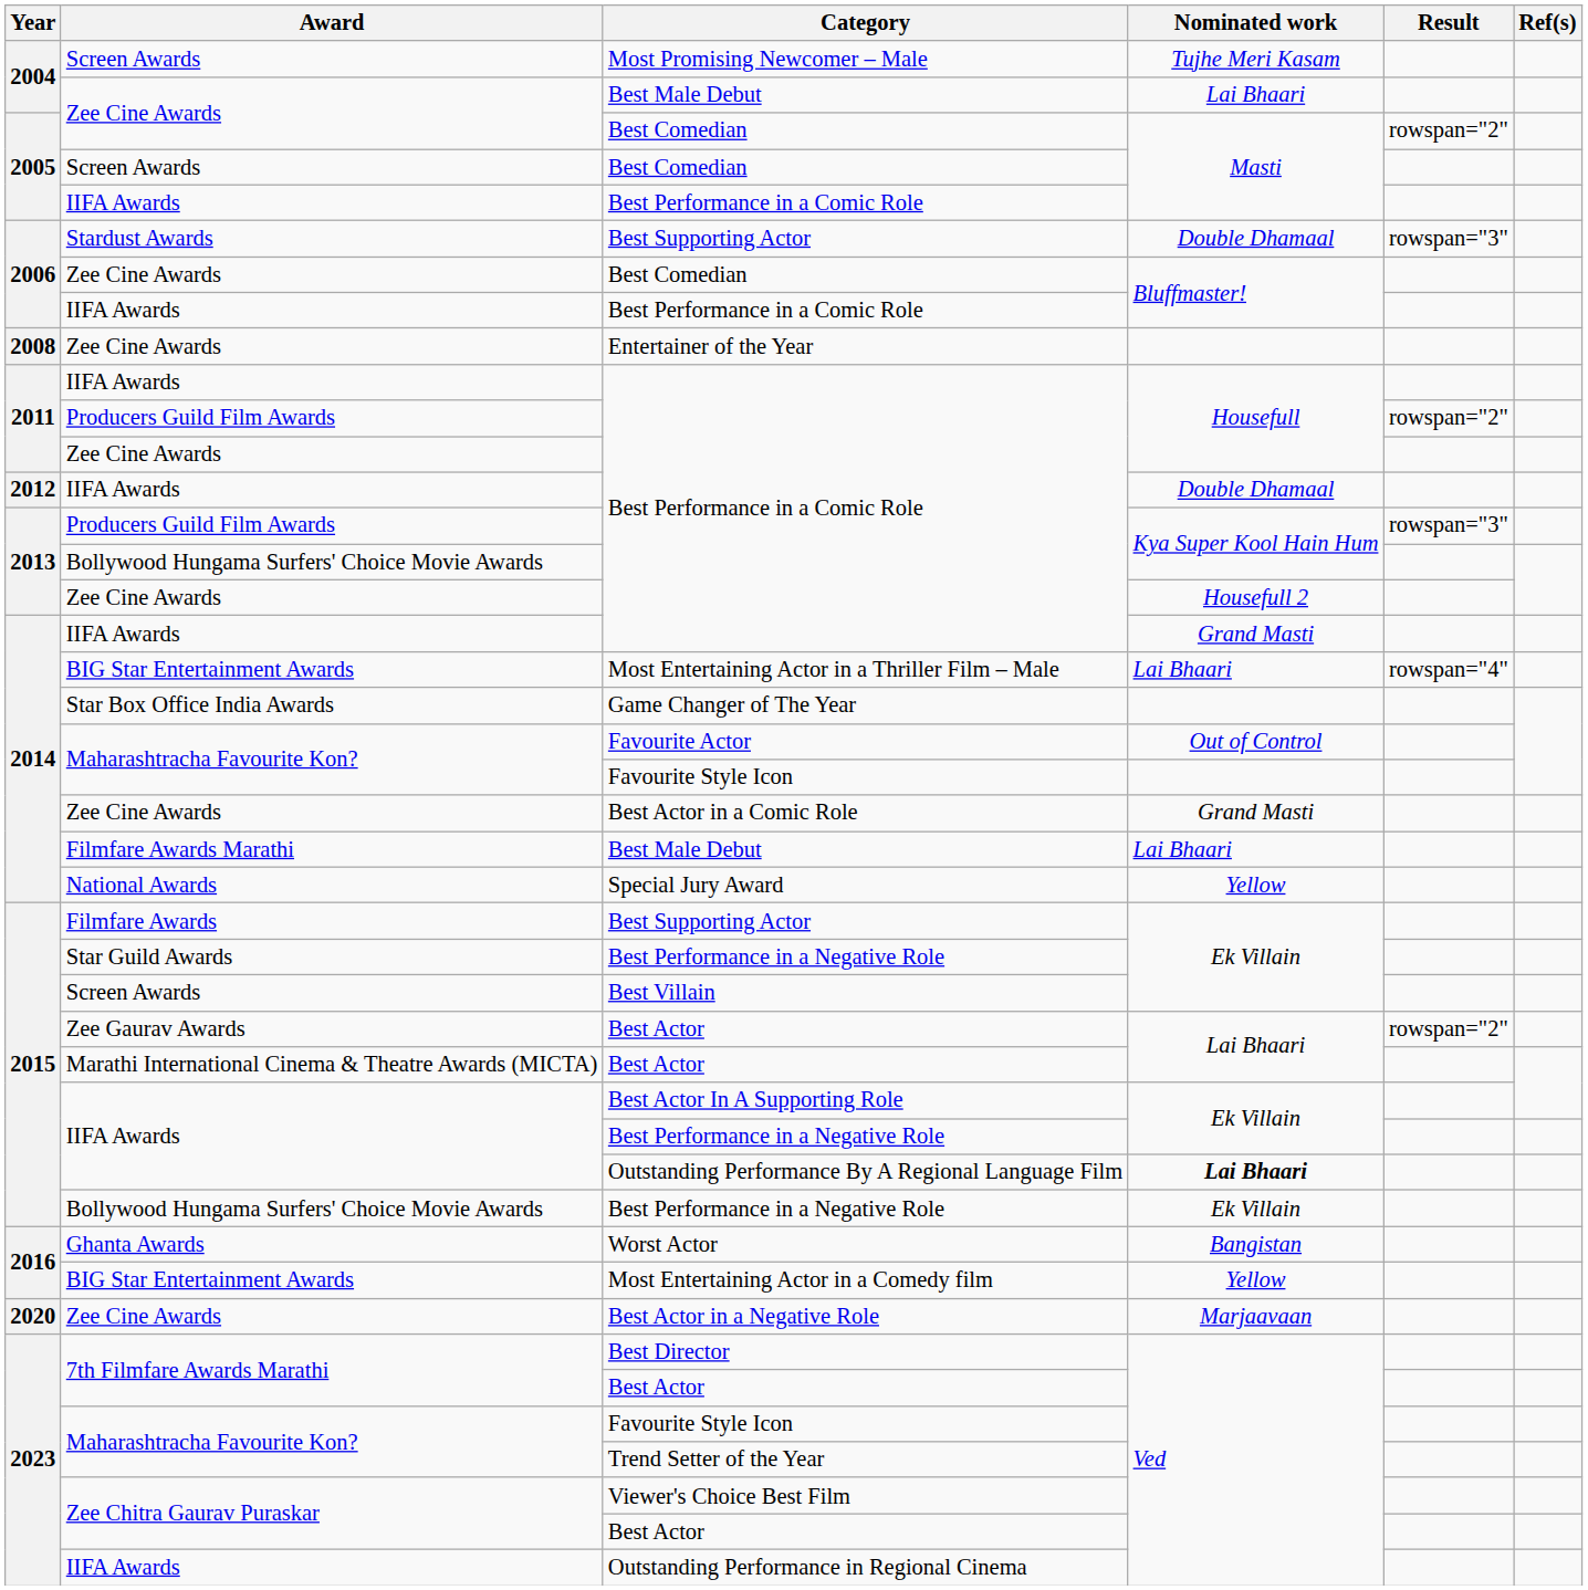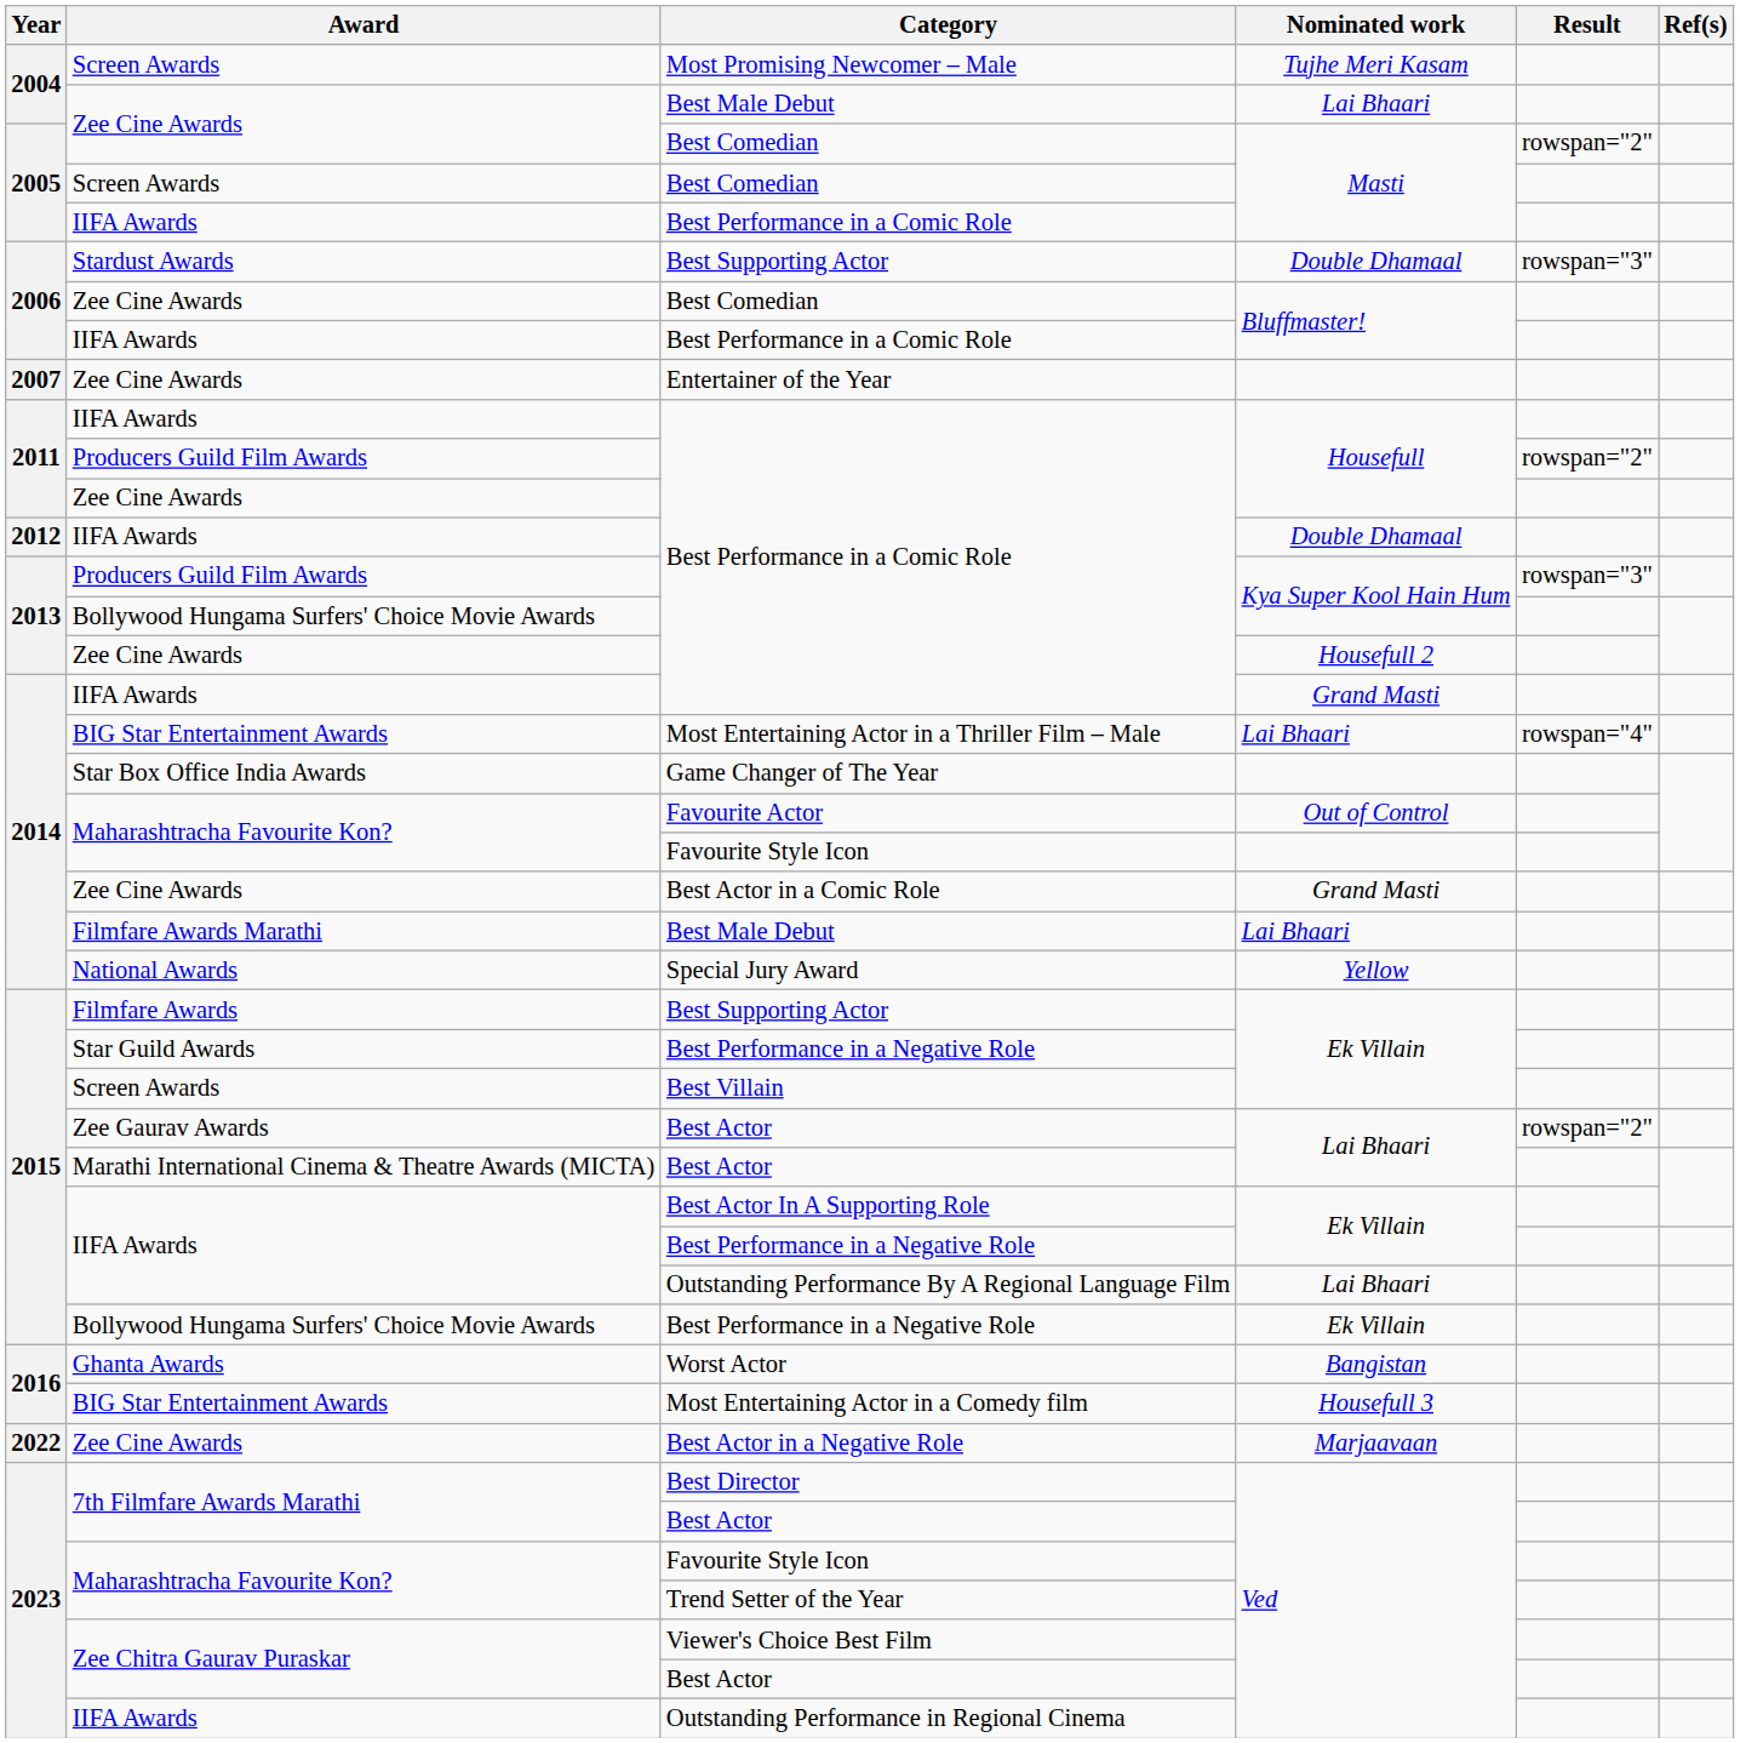 <table class="wikitable">
 <tr>
 <th>Year</th>
 <th>Award</th>
 <th>Category</th>
 <th>Nominated work</th>
 <th>Result</th>
 <th>Ref(s)</th>
 </tr>
 <tr>
 <th rowspan=2>2004</th>
 <td><a href='#'>Screen Awards</a></td>
 <td><a href='#'>Most Promising Newcomer – Male</a></td>
 <td style="text-align:center;"><em><a href='#'>Tujhe Meri Kasam</a></em></td>
 <td></td>
 <td></td>
 </tr>
 <tr>
 <td rowspan="2"><a href='#'>Zee Cine Awards</a></td>
 <td><a href='#'>Best Male Debut</a></td>
 <td style="text-align:center;"><em><a href='#'>Lai Bhaari</a></em></td>
 <td></td>
 <td style="text-align:center;"></td>
 </tr>
 <tr>
 <th rowspan="3"><strong>2005</strong></th>
 <td><a href='#'>Best Comedian</a></td>
 <td style="text-align:center;" rowspan=3><em><a href='#'>Masti</a></em></td>
 <td>rowspan="2" </td>
 <td style="text-align:center;"></td>
 </tr>
 <tr>
 <td>Screen Awards</td>
 <td><a href='#'>Best Comedian</a></td>
 <td></td>
 </tr>
 <tr>
 <td><a href='#'>IIFA Awards</a></td>
 <td><a href='#'>Best Performance in a Comic Role</a></td>
 <td></td>
 <td></td>
 </tr>
 <tr>
 <th rowspan="3"><strong>2006</strong></th>
 <td><a href='#'>Stardust Awards</a></td>
 <td><a href='#'>Best Supporting Actor</a></td>
 <td style="text-align:center;"><em><a href='#'>Double Dhamaal</a></em></td>
 <td>rowspan="3" </td>
 <td style="text-align:center;"></td>
 </tr>
 <tr>
 <td>Zee Cine Awards</td>
 <td>Best Comedian</td>
 <td rowspan="2"><em><a href='#'>Bluffmaster!</a></em></td>
 <td></td>
 </tr>
 <tr>
 <td>IIFA Awards</td>
 <td>Best Performance in a Comic Role</td>
 <td></td>
 <td></td>
 </tr>
 <tr>
-<th><strong>2008</strong></th>
+<th><strong>2007</strong></th>
 <td>Zee Cine Awards</td>
 <td>Entertainer of the Year</td>
 <td></td>
 <td></td>
 <td style="text-align:center;"></td>
 </tr>
 <tr>
 <th rowspan="3"><strong>2011</strong></th>
 <td>IIFA Awards</td>
 <td rowspan="8">Best Performance in a Comic Role</td>
 <td style="text-align:center;" rowspan="3"><em><a href='#'>Housefull</a></em></td>
 <td></td>
 <td style="text-align:center;"></td>
 </tr>
 <tr>
 <td><a href='#'>Producers Guild Film Awards</a></td>
 <td>rowspan="2" </td>
 <td style="text-align:center;"></td>
 </tr>
 <tr>
 <td>Zee Cine Awards</td>
 <td></td>
 </tr>
 <tr>
 <th><strong>2012</strong></th>
 <td>IIFA Awards</td>
 <td style="text-align:center;"><em><a href='#'>Double Dhamaal</a></em></td>
 <td></td>
 <td style="text-align:center;"></td>
 </tr>
 <tr>
 <th rowspan="3"><strong>2013</strong></th>
 <td><a href='#'>Producers Guild Film Awards</a></td>
 <td style="text-align:center;" rowspan="2"><em><a href='#'>Kya Super Kool Hain Hum</a></em></td>
 <td>rowspan="3" </td>
 <td style="text-align:center;"></td>
 </tr>
 <tr>
 <td>Bollywood Hungama Surfers' Choice Movie Awards</td>
 <td></td>
 </tr>
 <tr>
 <td>Zee Cine Awards</td>
 <td style="text-align:center;"><em><a href='#'>Housefull 2</a></em></td>
 <td></td>
 </tr>
 <tr>
 <th rowspan="8"><strong>2014</strong></th>
 <td>IIFA Awards</td>
 <td style="text-align:center;"><em><a href='#'>Grand Masti</a></em></td>
 <td></td>
 <td style="text-align:center;"></td>
 </tr>
 <tr>
 <td><a href='#'>BIG Star Entertainment Awards</a></td>
 <td>Most Entertaining Actor in a Thriller Film – Male</td>
 <td><em><a href='#'>Lai Bhaari</a></em></td>
 <td>rowspan="4" </td>
 <td></td>
 </tr>
 <tr>
 <td>Star Box Office India Awards</td>
 <td>Game Changer of The Year</td>
 <td></td>
 <td></td>
 </tr>
 <tr>
 <td rowspan="2"><a href='#'>Maharashtracha Favourite Kon?</a></td>
 <td><a href='#'>Favourite Actor</a></td>
 <td style="text-align:center;"><em><a href='#'>Out of Control</a></em></td>
 <td></td>
 </tr>
 <tr>
 <td>Favourite Style Icon</td>
 <td></td>
 <td></td>
 </tr>
 <tr>
 <td>Zee Cine Awards</td>
 <td>Best Actor in a Comic Role</td>
 <td style="text-align:center;"><em>Grand Masti</em></td>
 <td></td>
 <td style="text-align:center;"></td>
 </tr>
 <tr>
 <td><a href='#'>Filmfare Awards Marathi</a></td>
 <td><a href='#'>Best Male Debut</a></td>
 <td><em><a href='#'>Lai Bhaari</a></em></td>
 <td></td>
 <td></td>
 </tr>
 <tr>
 <td><a href='#'>National Awards</a></td>
 <td>Special Jury Award</td>
 <td style="text-align:center;"><em><a href='#'>Yellow</a></em></td>
 <td></td>
 <td style="text-align:center;"></td>
 </tr>
 <tr>
 <th rowspan="9"><strong>2015</strong></th>
 <td><a href='#'>Filmfare Awards</a></td>
 <td><a href='#'>Best Supporting Actor</a></td>
 <td style="text-align:center;" rowspan="3"><em>Ek Villain</em></td>
 <td></td>
 <td></td>
 </tr>
 <tr>
 <td>Star Guild Awards</td>
 <td><a href='#'>Best Performance in a Negative Role</a></td>
 <td></td>
 <td></td>
 </tr>
 <tr>
 <td>Screen Awards</td>
 <td><a href='#'>Best Villain</a></td>
 <td></td>
 <td></td>
 </tr>
 <tr>
 <td>Zee Gaurav Awards</td>
 <td><a href='#'>Best Actor</a></td>
 <td style="text-align:center;" rowspan="2"><em>Lai Bhaari</em></td>
 <td>rowspan="2" </td>
 <td></td>
 </tr>
 <tr>
 <td>Marathi International Cinema & Theatre Awards (MICTA)</td>
 <td><a href='#'>Best Actor</a></td>
 <td></td>
 </tr>
 <tr>
 <td rowspan="3">IIFA Awards</td>
 <td><a href='#'>Best Actor In A Supporting Role</a></td>
 <td style="text-align:center;" rowspan="2"><em>Ek Villain</em></td>
 <td></td>
 </tr>
 <tr>
 <td><a href='#'>Best Performance in a Negative Role</a></td>
 <td></td>
 <td></td>
 </tr>
 <tr>
 <td>Outstanding Performance By A Regional Language Film</td>
-<td style="text-align:center;"><strong><em>Lai Bhaari</em></strong></td>
+<td style="text-align:center;"><em>Lai Bhaari</em></td>
 <td></td>
 <td></td>
 </tr>
 <tr>
 <td>Bollywood Hungama Surfers' Choice Movie Awards</td>
 <td>Best Performance in a Negative Role</td>
 <td style="text-align:center;"><em>Ek Villain</em></td>
 <td></td>
 <td style="text-align:center;"></td>
 </tr>
 <tr>
 <th rowspan=2>2016</th>
 <td><a href='#'>Ghanta Awards</a></td>
 <td>Worst Actor</td>
 <td style="text-align:center;"><em><a href='#'>Bangistan</a></em></td>
 <td></td>
 <td style="text-align:center;"></td>
 </tr>
 <tr>
 <td><a href='#'>BIG Star Entertainment Awards</a></td>
 <td>Most Entertaining Actor in a Comedy film</td>
-<td style="text-align:center;"><em><a href='#'>Yellow</a></em></td>
+<td style="text-align:center;"><em><a href='#'>Housefull 3</a></em></td>
 <td></td>
 <td></td>
 </tr>
 <tr>
-<th>2020</th>
+<th>2022</th>
 <td><a href='#'>Zee Cine Awards</a></td>
 <td><a href='#'>Best Actor in a Negative Role</a></td>
 <td style="text-align:center;"><em><a href='#'>Marjaavaan</a></em></td>
 <td></td>
 <td></td>
 </tr>
 <tr>
 <th rowspan="7">2023</th>
 <td rowspan="2"><a href='#'>7th Filmfare Awards Marathi</a></td>
 <td><a href='#'>Best Director</a></td>
 <td rowspan="7"><em><a href='#'>Ved</a></em></td>
 <td></td>
 <td></td>
 </tr>
 <tr>
 <td><a href='#'>Best Actor</a></td>
 <td></td>
 <td></td>
 </tr>
 <tr>
 <td rowspan="2"><a href='#'>Maharashtracha Favourite Kon?</a></td>
 <td>Favourite Style Icon</td>
 <td></td>
 <td></td>
 </tr>
 <tr>
 <td>Trend Setter of the Year</td>
 <td></td>
 <td></td>
 </tr>
 <tr>
 <td rowspan="2"><a href='#'>Zee Chitra Gaurav Puraskar</a></td>
 <td>Viewer's Choice Best Film</td>
 <td></td>
 <td></td>
 </tr>
 <tr>
 <td>Best Actor</td>
 <td></td>
 <td></td>
 </tr>
 <tr>
 <td><a href='#'>IIFA Awards</a></td>
 <td>Outstanding Performance in Regional Cinema</td>
 <td></td>
 <td></td>
 </tr>
 </table>
